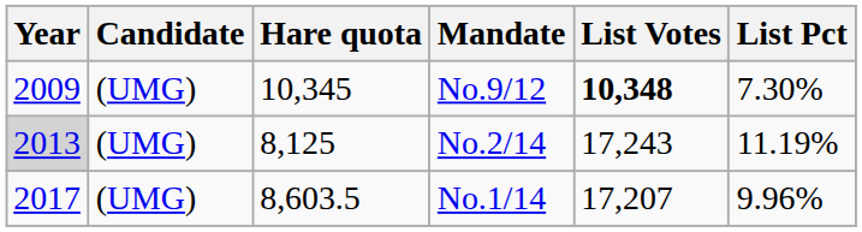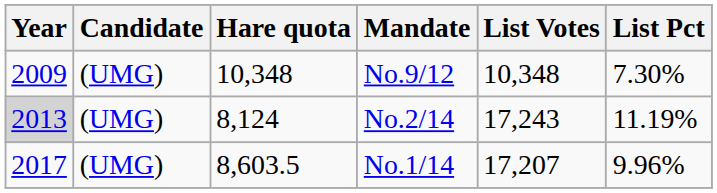 <table class="wikitable" style="margin:0.5em ; font-size:95%">
 <tr>
 <th>Year</th>
 <th>Candidate</th>
 <th>Hare quota</th>
 <th>Mandate</th>
 <th>List Votes</th>
 <th>List Pct</th>
 </tr>
 <tr>
 <td><a href='#'>2009</a></td>
 <td> (<a href='#'>UMG</a>)</td>
-<td>10,345</td>
+<td>10,348</td>
 <td><a href='#'>No.9/12</a></td>
-<td><strong>10,348</strong></td>
+<td>10,348</td>
 <td>7.30%</td>
 </tr>
 <tr>
 <td style="background: lightgrey;"><a href='#'>2013</a></td>
 <td> (<a href='#'>UMG</a>)</td>
-<td>8,125</td>
+<td>8,124</td>
 <td><a href='#'>No.2/14</a></td>
 <td>17,243</td>
 <td>11.19%</td>
 </tr>
 <tr>
 <td><a href='#'>2017</a></td>
 <td> (<a href='#'>UMG</a>)</td>
 <td>8,603.5</td>
 <td><a href='#'>No.1/14</a></td>
 <td>17,207</td>
 <td>9.96%</td>
 </tr>
 </table>
